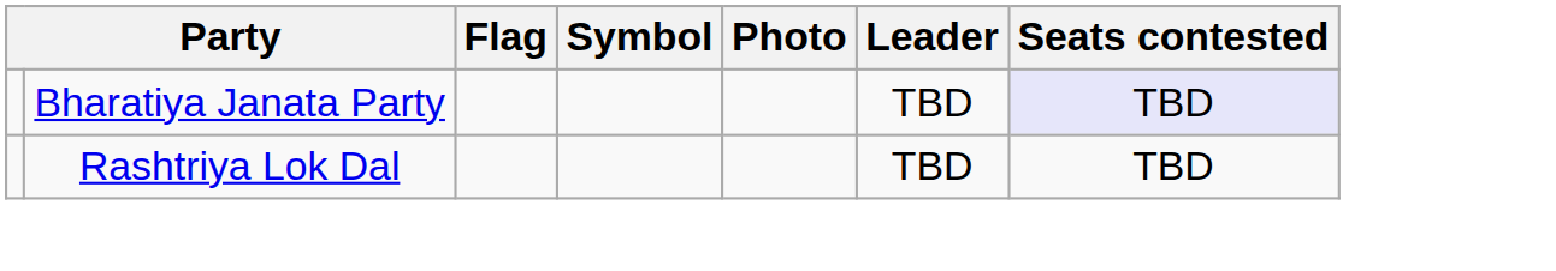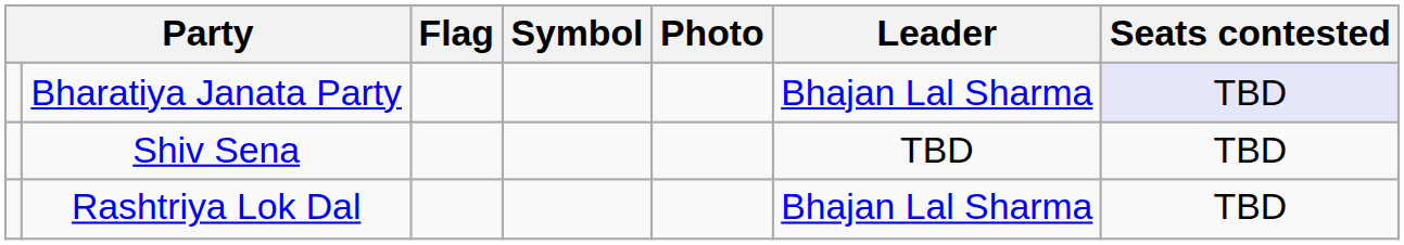 <table class="wikitable" style="text-align:center;">
 <tr>
 <th colspan="2">Party</th>
 <th>Flag</th>
 <th>Symbol</th>
 <th>Photo</th>
 <th>Leader</th>
 <th>Seats contested</th>
 </tr>
 <tr>
 <td></td>
 <td><a href='#'>Bharatiya Janata Party</a></td>
 <td></td>
 <td></td>
 <td></td>
+<td><a href='#'>Bhajan Lal Sharma</a></td>
+<td style="background: lavender;">TBD</td>
+</tr>
+<tr>
+<td></td>
+<td><a href='#'>Shiv Sena</a></td>
+<td></td>
+<td></td>
+<td></td>
 <td>TBD</td>
-<td style="background: lavender;">TBD</td>
+<td>TBD</td>
 </tr>
 <tr>
 <td></td>
 <td><a href='#'>Rashtriya Lok Dal</a></td>
 <td></td>
 <td></td>
 <td></td>
-<td>TBD</td>
+<td><a href='#'>Bhajan Lal Sharma</a></td>
 <td>TBD</td>
 </tr>
 </table>
